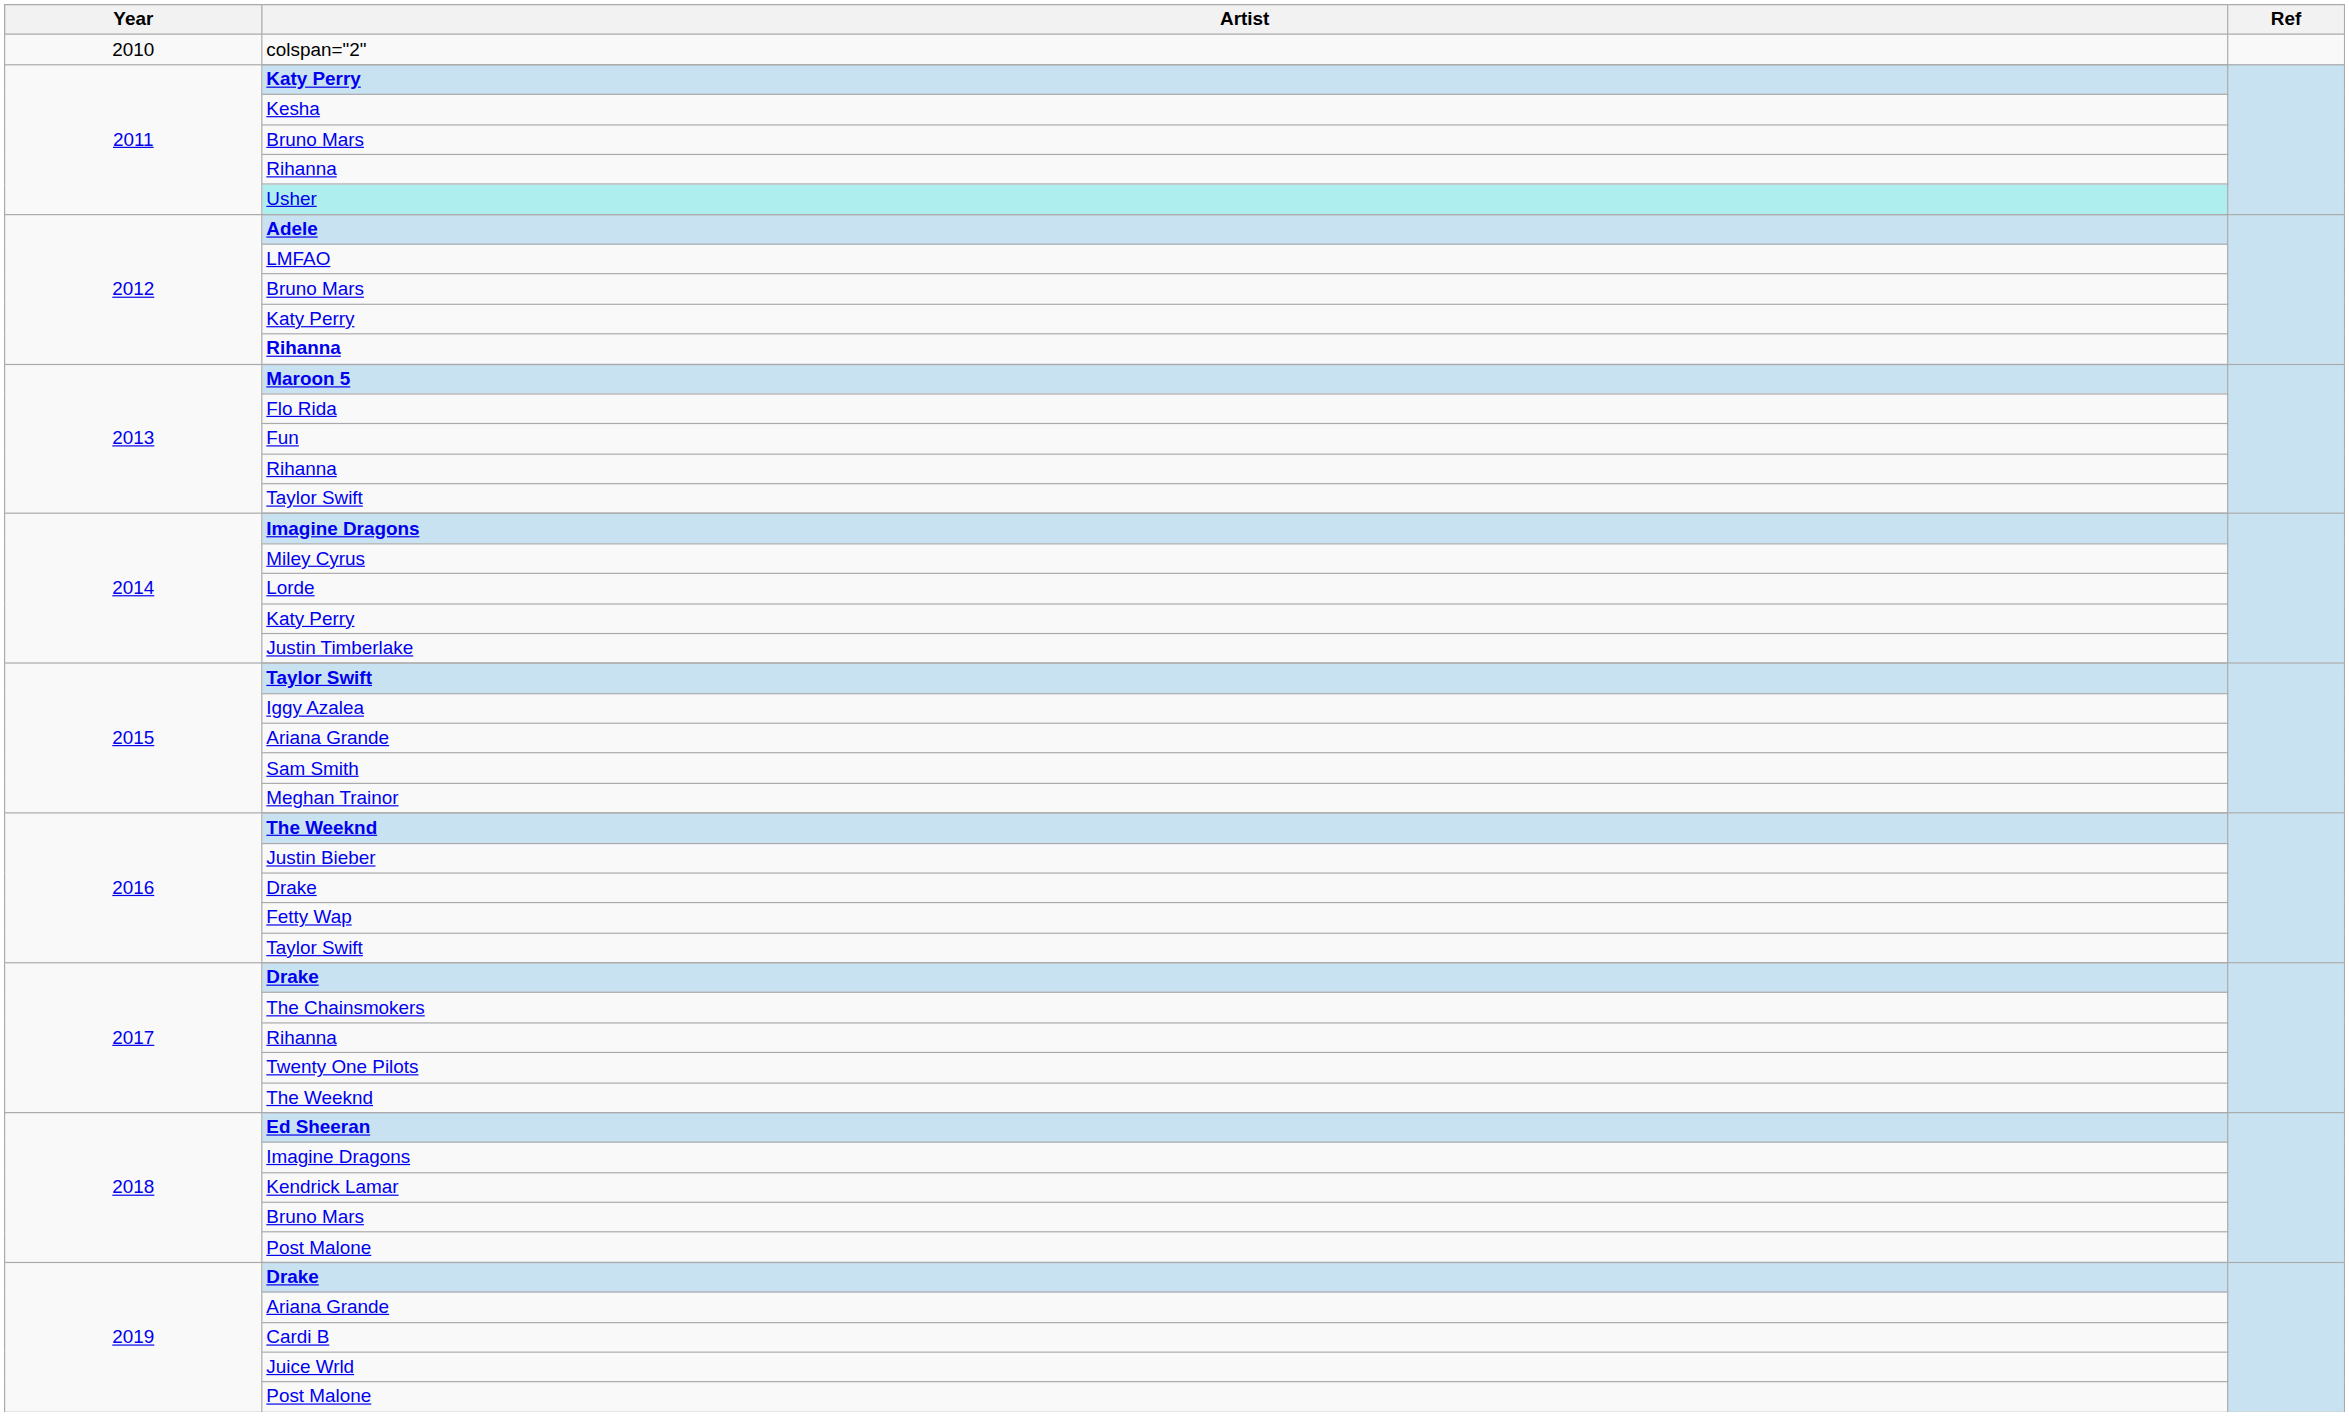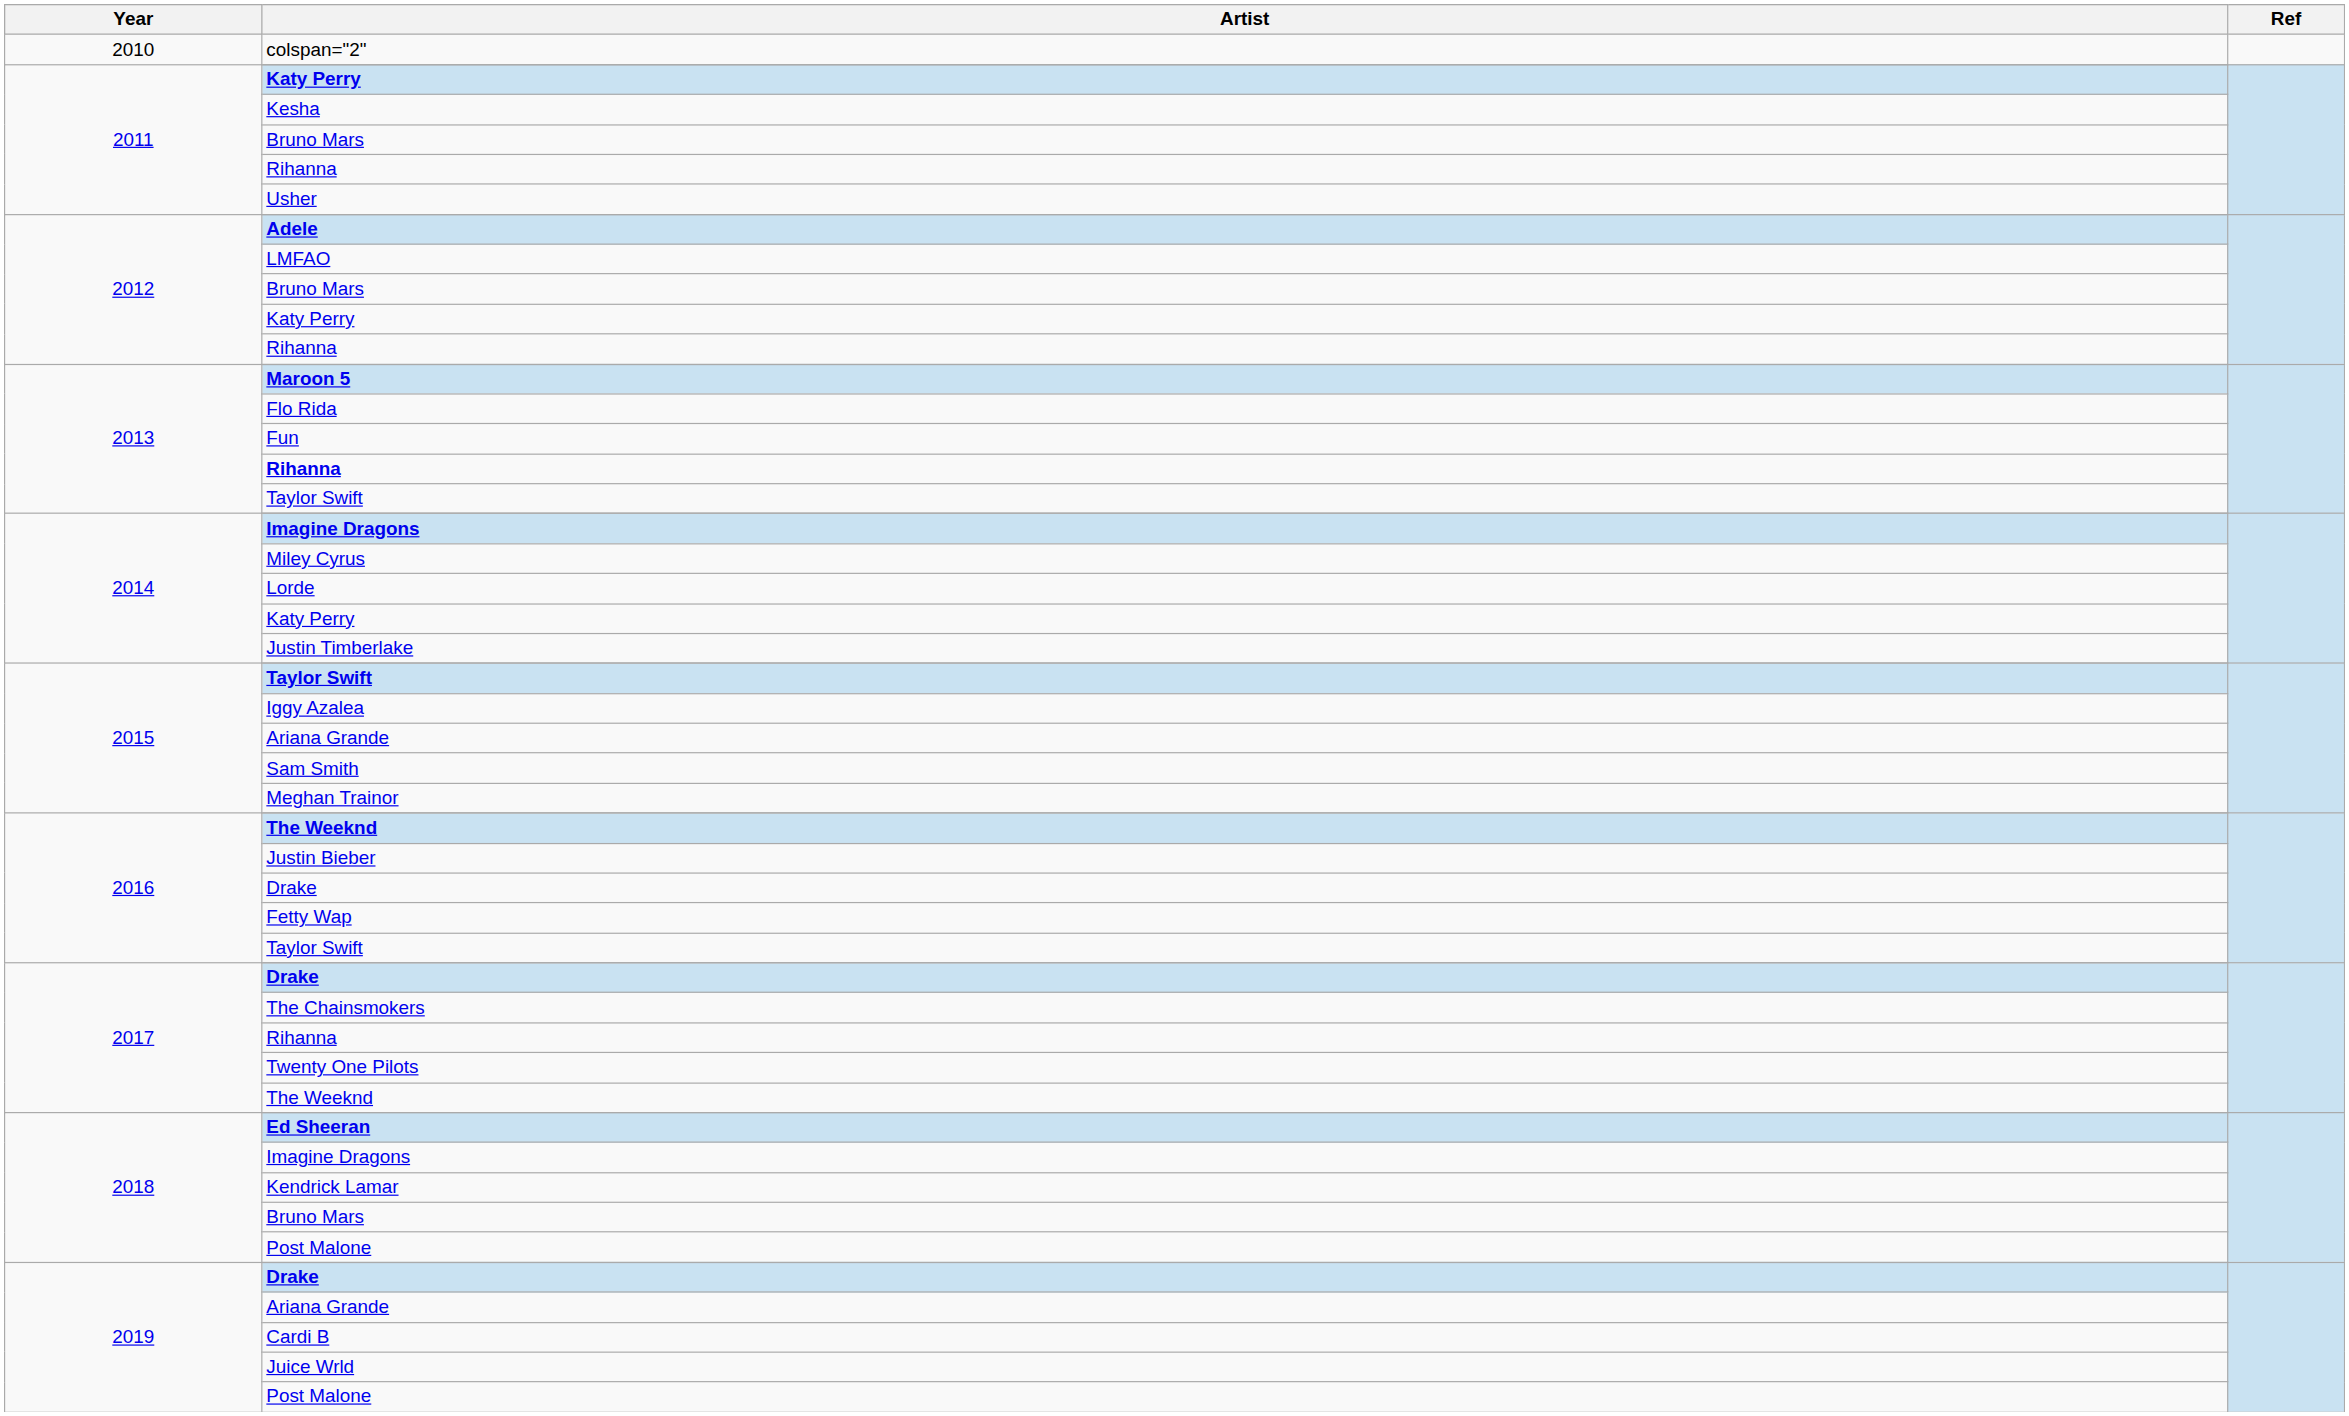 <table class="wikitable" style="width:100%;">
 <tr style="background:#bebebe;">
 <th style="width:11%;">Year</th>
 <th style="width:84%;">Artist</th>
 <th style="width:5%;">Ref</th>
 </tr>
 <tr>
 <td align="center">2010</td>
 <td>colspan="2" </td>
 </tr>
 <tr>
 <td rowspan="6" align="center"><a href='#'>2011</a></td>
 </tr>
 <tr style="background:#c9e2f2">
 <td><strong><a href='#'>Katy Perry</a></strong></td>
 <td rowspan="6" align="center"></td>
 </tr>
 <tr>
 <td><a href='#'>Kesha</a></td>
 </tr>
 <tr>
 <td><a href='#'>Bruno Mars</a></td>
 </tr>
 <tr>
 <td><a href='#'>Rihanna</a></td>
 </tr>
 <tr>
-<td style="background: paleturquoise;"><a href='#'>Usher</a></td>
+<td><a href='#'>Usher</a></td>
 </tr>
 <tr>
 <td rowspan="6" align="center"><a href='#'>2012</a></td>
 </tr>
 <tr style="background:#c9e2f2">
 <td><strong><a href='#'>Adele</a></strong></td>
 <td rowspan="6" align="center"></td>
 </tr>
 <tr>
 <td><a href='#'>LMFAO</a></td>
 </tr>
 <tr>
 <td><a href='#'>Bruno Mars</a></td>
 </tr>
 <tr>
 <td><a href='#'>Katy Perry</a></td>
 </tr>
 <tr>
-<td><strong><a href='#'>Rihanna</a></strong></td>
+<td><a href='#'>Rihanna</a></td>
 </tr>
 <tr>
 <td rowspan="6" align="center"><a href='#'>2013</a></td>
 </tr>
 <tr style="background:#c9e2f2">
 <td><strong><a href='#'>Maroon 5</a></strong></td>
 <td rowspan="6" align="center"></td>
 </tr>
 <tr>
 <td><a href='#'>Flo Rida</a></td>
 </tr>
 <tr>
 <td><a href='#'>Fun</a></td>
 </tr>
 <tr>
-<td><a href='#'>Rihanna</a></td>
+<td><strong><a href='#'>Rihanna</a></strong></td>
 </tr>
 <tr>
 <td><a href='#'>Taylor Swift</a></td>
 </tr>
 <tr>
 <td rowspan="6" align="center"><a href='#'>2014</a></td>
 </tr>
 <tr style="background:#c9e2f2">
 <td><strong><a href='#'>Imagine Dragons</a></strong></td>
 <td rowspan="6" align="center"></td>
 </tr>
 <tr>
 <td><a href='#'>Miley Cyrus</a></td>
 </tr>
 <tr>
 <td><a href='#'>Lorde</a></td>
 </tr>
 <tr>
 <td><a href='#'>Katy Perry</a></td>
 </tr>
 <tr>
 <td><a href='#'>Justin Timberlake</a></td>
 </tr>
 <tr>
 <td rowspan="6" align="center"><a href='#'>2015</a></td>
 </tr>
 <tr style="background:#c9e2f2">
 <td><strong><a href='#'>Taylor Swift</a></strong></td>
 <td rowspan="6" align="center"></td>
 </tr>
 <tr>
 <td><a href='#'>Iggy Azalea</a></td>
 </tr>
 <tr>
 <td><a href='#'>Ariana Grande</a></td>
 </tr>
 <tr>
 <td><a href='#'>Sam Smith</a></td>
 </tr>
 <tr>
 <td><a href='#'>Meghan Trainor</a></td>
 </tr>
 <tr>
 <td rowspan="6" align="center"><a href='#'>2016</a></td>
 </tr>
 <tr style="background:#c9e2f2">
 <td><strong><a href='#'>The Weeknd</a></strong></td>
 <td rowspan="6" align="center"></td>
 </tr>
 <tr>
 <td><a href='#'>Justin Bieber</a></td>
 </tr>
 <tr>
 <td><a href='#'>Drake</a></td>
 </tr>
 <tr>
 <td><a href='#'>Fetty Wap</a></td>
 </tr>
 <tr>
 <td><a href='#'>Taylor Swift</a></td>
 </tr>
 <tr>
 <td rowspan="6" align="center"><a href='#'>2017</a></td>
 </tr>
 <tr style="background:#c9e2f2">
 <td><strong><a href='#'>Drake</a></strong></td>
 <td rowspan="6" align="center"></td>
 </tr>
 <tr>
 <td><a href='#'>The Chainsmokers</a></td>
 </tr>
 <tr>
 <td><a href='#'>Rihanna</a></td>
 </tr>
 <tr>
 <td><a href='#'>Twenty One Pilots</a></td>
 </tr>
 <tr>
 <td><a href='#'>The Weeknd</a></td>
 </tr>
 <tr>
 <td rowspan="6" align="center"><a href='#'>2018</a></td>
 </tr>
 <tr style="background:#c9e2f2">
 <td><strong><a href='#'>Ed Sheeran</a></strong></td>
 <td rowspan="6" align="center"></td>
 </tr>
 <tr>
 <td><a href='#'>Imagine Dragons</a></td>
 </tr>
 <tr>
 <td><a href='#'>Kendrick Lamar</a></td>
 </tr>
 <tr>
 <td><a href='#'>Bruno Mars</a></td>
 </tr>
 <tr>
 <td><a href='#'>Post Malone</a></td>
 </tr>
 <tr>
 <td rowspan="6" align="center"><a href='#'>2019</a></td>
 </tr>
 <tr style="background:#c9e2f2">
 <td><strong><a href='#'>Drake</a></strong></td>
 <td rowspan="6" align="center"></td>
 </tr>
 <tr>
 <td><a href='#'>Ariana Grande</a></td>
 </tr>
 <tr>
 <td><a href='#'>Cardi B</a></td>
 </tr>
 <tr>
 <td><a href='#'>Juice Wrld</a></td>
 </tr>
 <tr>
 <td><a href='#'>Post Malone</a></td>
 </tr>
 </table>
